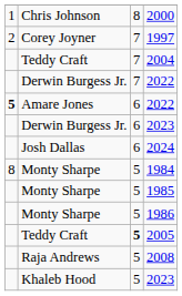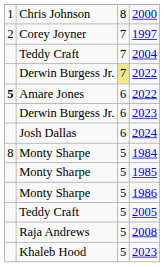 <table class="wikitable">
 <tr>
 </tr>
 <tr>
 <td>1</td>
 <td>Chris Johnson</td>
 <td>8</td>
 <td><a href='#'>2000</a></td>
 </tr>
 <tr>
 <td>2</td>
 <td>Corey Joyner</td>
 <td>7</td>
 <td><a href='#'>1997</a></td>
 </tr>
 <tr>
 <td></td>
 <td>Teddy Craft</td>
 <td>7</td>
 <td><a href='#'>2004</a></td>
 </tr>
 <tr>
 <td></td>
 <td>Derwin Burgess Jr.</td>
-<td>7</td>
+<td style="background: khaki;">7</td>
 <td><a href='#'>2022</a></td>
 </tr>
 <tr>
 <td><strong>5</strong></td>
 <td>Amare Jones</td>
 <td>6</td>
 <td><a href='#'>2022</a></td>
 </tr>
 <tr>
 <td></td>
 <td>Derwin Burgess Jr.</td>
 <td>6</td>
 <td><a href='#'>2023</a></td>
 </tr>
 <tr>
 <td></td>
 <td>Josh Dallas</td>
 <td>6</td>
 <td><a href='#'>2024</a></td>
 </tr>
 <tr>
 <td>8</td>
 <td>Monty Sharpe</td>
 <td>5</td>
 <td><a href='#'>1984</a></td>
 </tr>
 <tr>
 <td></td>
 <td>Monty Sharpe</td>
 <td>5</td>
 <td><a href='#'>1985</a></td>
 </tr>
 <tr>
 <td></td>
 <td>Monty Sharpe</td>
 <td>5</td>
 <td><a href='#'>1986</a></td>
 </tr>
 <tr>
 <td></td>
 <td>Teddy Craft</td>
-<td><strong>5</strong></td>
+<td>5</td>
 <td><a href='#'>2005</a></td>
 </tr>
 <tr>
 <td></td>
 <td>Raja Andrews</td>
 <td>5</td>
 <td><a href='#'>2008</a></td>
 </tr>
 <tr>
 <td></td>
 <td>Khaleb Hood</td>
 <td>5</td>
 <td><a href='#'>2023</a></td>
 </tr>
 </table>
